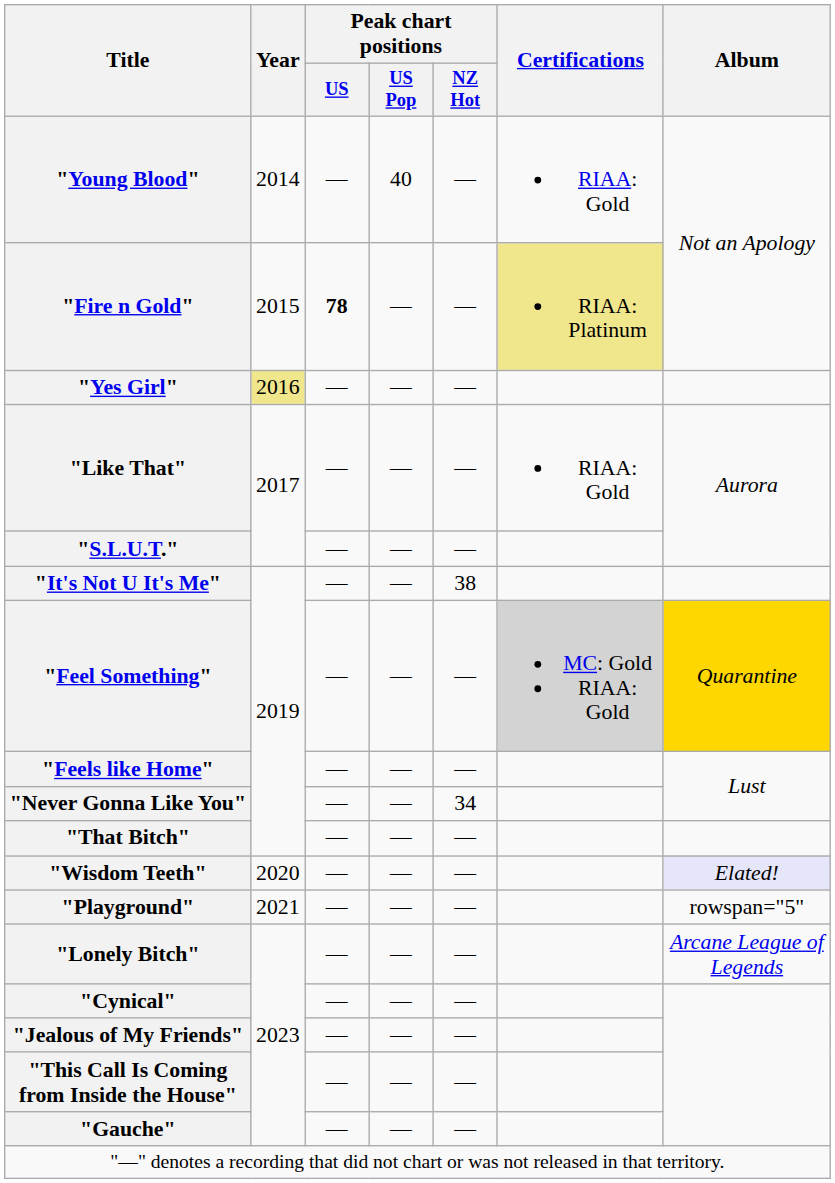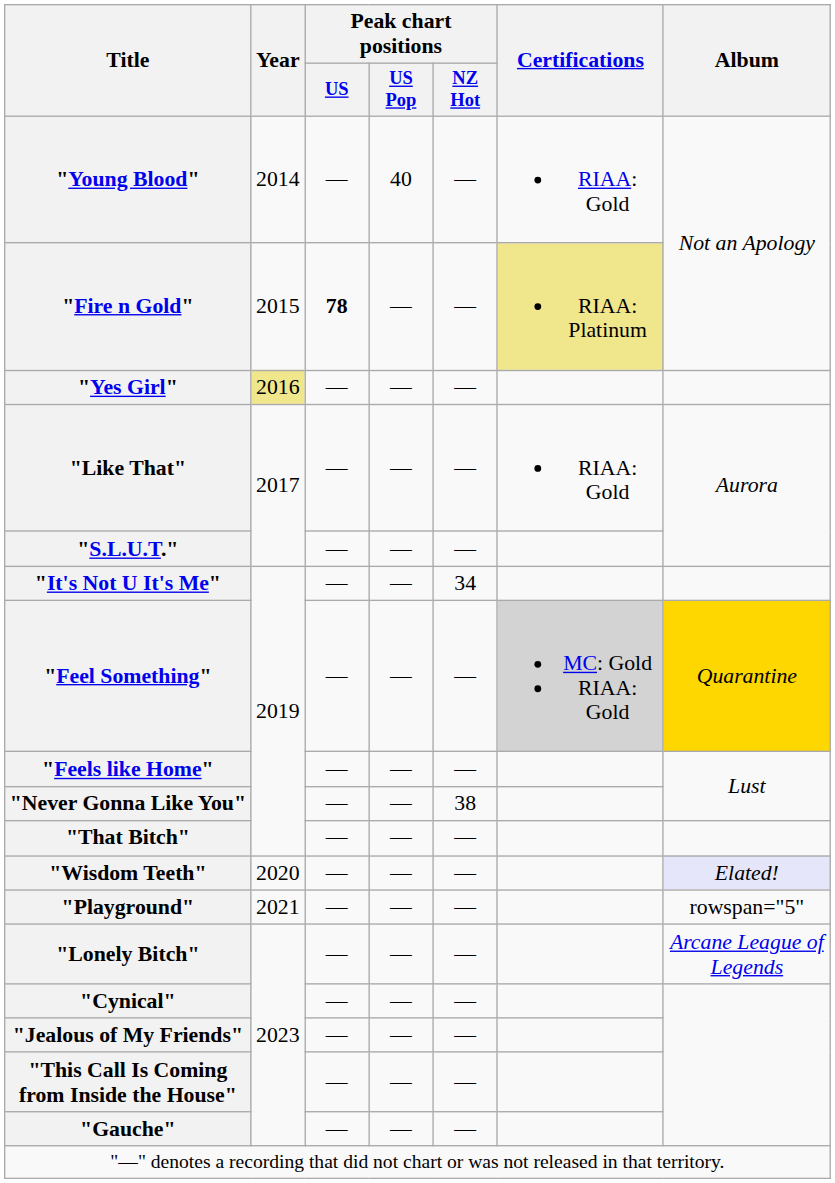 <table class="wikitable plainrowheaders" style="text-align:center;">
 <tr>
 <th scope="col" rowspan="2">Title</th>
 <th scope="col" rowspan="2">Year</th>
 <th scope="col" colspan="3">Peak chart positions</th>
 <th scope="col" rowspan="2"><a href='#'>Certifications</a></th>
 <th scope="col" rowspan="2">Album</th>
 </tr>
 <tr>
 <th scope="col" style="width:3em;font-size:85%;"><a href='#'>US</a><br></th>
 <th scope="col" style="width:3em;font-size:85%;"><a href='#'>US<br>Pop</a><br></th>
 <th scope="col" style="width:3em;font-size:85%;"><a href='#'>NZ<br>Hot</a><br></th>
 </tr>
 <tr>
 <th scope="row">"<a href='#'>Young Blood</a>"</th>
 <td>2014</td>
 <td>—</td>
 <td>40</td>
 <td>—</td>
 <td><br><ul><li><a href='#'>RIAA</a>: Gold</li></ul></td>
 <td rowspan="2"><em>Not an Apology</em></td>
 </tr>
 <tr>
 <th scope="row">"<a href='#'>Fire n Gold</a>"</th>
 <td>2015</td>
 <td><strong>78</strong></td>
 <td>—</td>
 <td>—</td>
 <td style="background: khaki;"><br><ul><li>RIAA: Platinum</li></ul></td>
 </tr>
 <tr>
 <th scope="row">"<a href='#'>Yes Girl</a>"</th>
 <td style="background: khaki;">2016</td>
 <td>—</td>
 <td>—</td>
 <td>—</td>
 <td></td>
 <td></td>
 </tr>
 <tr>
 <th scope="row">"Like That"</th>
 <td rowspan="2">2017</td>
 <td>—</td>
 <td>—</td>
 <td>—</td>
 <td><br><ul><li>RIAA: Gold</li></ul></td>
 <td rowspan="2"><em>Aurora</em></td>
 </tr>
 <tr>
 <th scope="row">"<a href='#'>S.L.U.T</a>."</th>
 <td>—</td>
 <td>—</td>
 <td>—</td>
 <td></td>
 </tr>
 <tr>
 <th scope="row">"<a href='#'>It's Not U It's Me</a>"<br></th>
 <td rowspan="5">2019</td>
 <td>—</td>
 <td>—</td>
-<td>38</td>
+<td>34</td>
 <td></td>
 <td></td>
 </tr>
 <tr>
 <th scope="row">"<a href='#'>Feel Something</a>"</th>
 <td>—</td>
 <td>—</td>
 <td>—</td>
 <td style="background: lightgrey;"><br><ul><li><a href='#'>MC</a>: Gold</li><li>RIAA: Gold</li></ul></td>
 <td style="background: gold;"><em>Quarantine</em></td>
 </tr>
 <tr>
 <th scope="row">"<a href='#'>Feels like Home</a>"<br></th>
 <td>—</td>
 <td>—</td>
 <td>—</td>
 <td></td>
 <td rowspan="2"><em>Lust</em></td>
 </tr>
 <tr>
 <th scope="row">"Never Gonna Like You"<br></th>
 <td>—</td>
 <td>—</td>
-<td>34</td>
+<td>38</td>
 <td></td>
 </tr>
 <tr>
 <th scope="row">"That Bitch"</th>
 <td>—</td>
 <td>—</td>
 <td>—</td>
 <td></td>
 <td></td>
 </tr>
 <tr>
 <th scope="row">"Wisdom Teeth"</th>
 <td>2020</td>
 <td>—</td>
 <td>—</td>
 <td>—</td>
 <td></td>
 <td style="background: lavender;"><em>Elated!</em></td>
 </tr>
 <tr>
 <th scope="row">"Playground"</th>
 <td>2021</td>
 <td>—</td>
 <td>—</td>
 <td>—</td>
 <td></td>
 <td>rowspan="5" </td>
 </tr>
 <tr>
 <th scope="row">"Lonely Bitch"</th>
 <td rowspan="5">2023</td>
 <td>—</td>
 <td>—</td>
 <td>—</td>
 <td></td>
 <td><em><a href='#'>Arcane League of Legends</a></em></td>
 </tr>
 <tr>
 <th scope="row">"Cynical"</th>
 <td>—</td>
 <td>—</td>
 <td>—</td>
 <td></td>
 </tr>
 <tr>
 <th scope="row">"Jealous of My Friends"</th>
 <td>—</td>
 <td>—</td>
 <td>—</td>
 <td></td>
 </tr>
 <tr>
 <th scope="row">"This Call Is Coming from Inside the House"</th>
 <td>—</td>
 <td>—</td>
 <td>—</td>
 <td></td>
 </tr>
 <tr>
 <th scope="row">"Gauche"</th>
 <td>—</td>
 <td>—</td>
 <td>—</td>
 <td></td>
 </tr>
 <tr>
 <td colspan="7" style="font-size:90%">"—" denotes a recording that did not chart or was not released in that territory.</td>
 </tr>
 </table>
